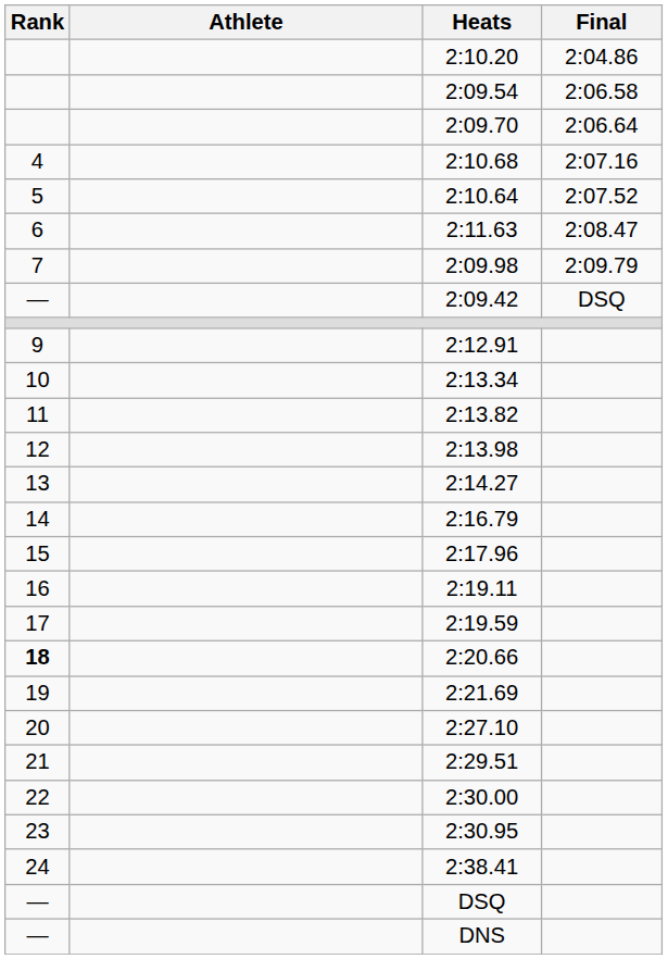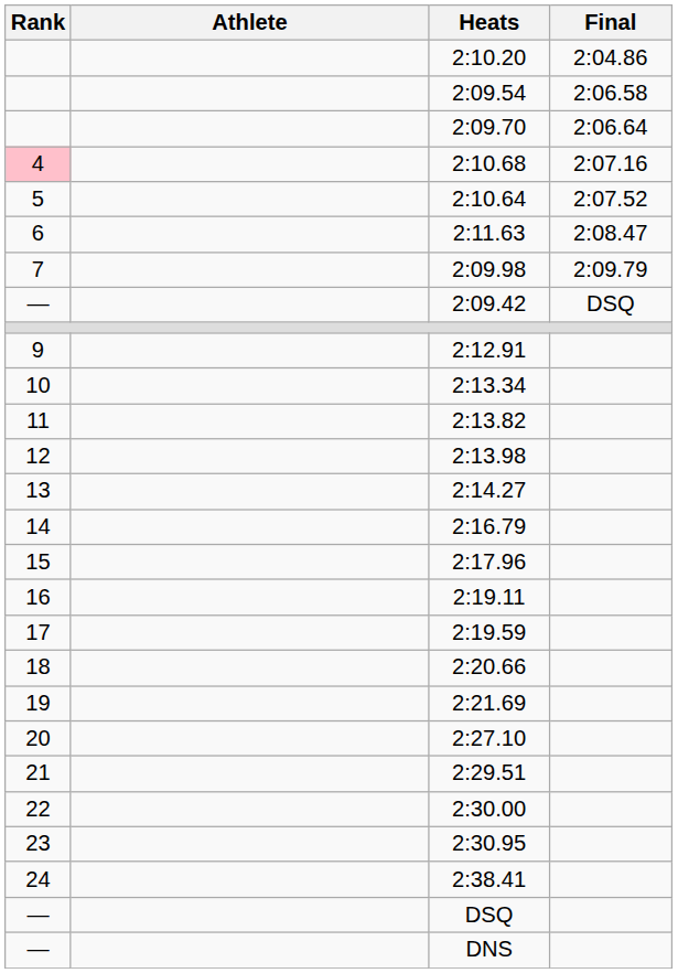 <table class=wikitable style="text-align:center">
 <tr>
 <th width=40>Rank</th>
 <th width=250>Athlete</th>
 <th width=80>Heats</th>
 <th width=80>Final</th>
 </tr>
 <tr>
 <td></td>
 <td align=left></td>
 <td>2:10.20</td>
 <td>2:04.86</td>
 </tr>
 <tr>
 <td></td>
 <td align=left></td>
 <td>2:09.54</td>
 <td>2:06.58</td>
 </tr>
 <tr>
 <td></td>
 <td align=left></td>
 <td>2:09.70</td>
 <td>2:06.64</td>
 </tr>
 <tr>
-<td>4</td>
+<td style="background: pink;">4</td>
 <td align=left></td>
 <td>2:10.68</td>
 <td>2:07.16</td>
 </tr>
 <tr>
 <td>5</td>
 <td align=left></td>
 <td>2:10.64</td>
 <td>2:07.52</td>
 </tr>
 <tr>
 <td>6</td>
 <td align=left></td>
 <td>2:11.63</td>
 <td>2:08.47</td>
 </tr>
 <tr>
 <td>7</td>
 <td align=left></td>
 <td>2:09.98</td>
 <td>2:09.79</td>
 </tr>
 <tr>
 <td>—</td>
 <td align=left></td>
 <td>2:09.42</td>
 <td>DSQ</td>
 </tr>
 <tr bgcolor=#DDDDDD>
 <td colspan=4></td>
 </tr>
 <tr>
 <td>9</td>
 <td align=left></td>
 <td>2:12.91</td>
 <td></td>
 </tr>
 <tr>
 <td>10</td>
 <td align=left></td>
 <td>2:13.34</td>
 <td></td>
 </tr>
 <tr>
 <td>11</td>
 <td align=left></td>
 <td>2:13.82</td>
 <td></td>
 </tr>
 <tr>
 <td>12</td>
 <td align=left></td>
 <td>2:13.98</td>
 <td></td>
 </tr>
 <tr>
 <td>13</td>
 <td align=left></td>
 <td>2:14.27</td>
 <td></td>
 </tr>
 <tr>
 <td>14</td>
 <td align=left></td>
 <td>2:16.79</td>
 <td></td>
 </tr>
 <tr>
 <td>15</td>
 <td align=left></td>
 <td>2:17.96</td>
 <td></td>
 </tr>
 <tr>
 <td>16</td>
 <td align=left></td>
 <td>2:19.11</td>
 <td></td>
 </tr>
 <tr>
 <td>17</td>
 <td align=left></td>
 <td>2:19.59</td>
 <td></td>
 </tr>
 <tr>
-<td><strong>18</strong></td>
+<td>18</td>
 <td align=left></td>
 <td>2:20.66</td>
 <td></td>
 </tr>
 <tr>
 <td>19</td>
 <td align=left></td>
 <td>2:21.69</td>
 <td></td>
 </tr>
 <tr>
 <td>20</td>
 <td align=left></td>
 <td>2:27.10</td>
 <td></td>
 </tr>
 <tr>
 <td>21</td>
 <td align=left></td>
 <td>2:29.51</td>
 <td></td>
 </tr>
 <tr>
 <td>22</td>
 <td align=left></td>
 <td>2:30.00</td>
 <td></td>
 </tr>
 <tr>
 <td>23</td>
 <td align=left></td>
 <td>2:30.95</td>
 <td></td>
 </tr>
 <tr>
 <td>24</td>
 <td align=left></td>
 <td>2:38.41</td>
 <td></td>
 </tr>
 <tr>
 <td>—</td>
 <td align=left></td>
 <td>DSQ</td>
 <td></td>
 </tr>
 <tr>
 <td>—</td>
 <td align=left></td>
 <td>DNS</td>
 <td></td>
 </tr>
 </table>
